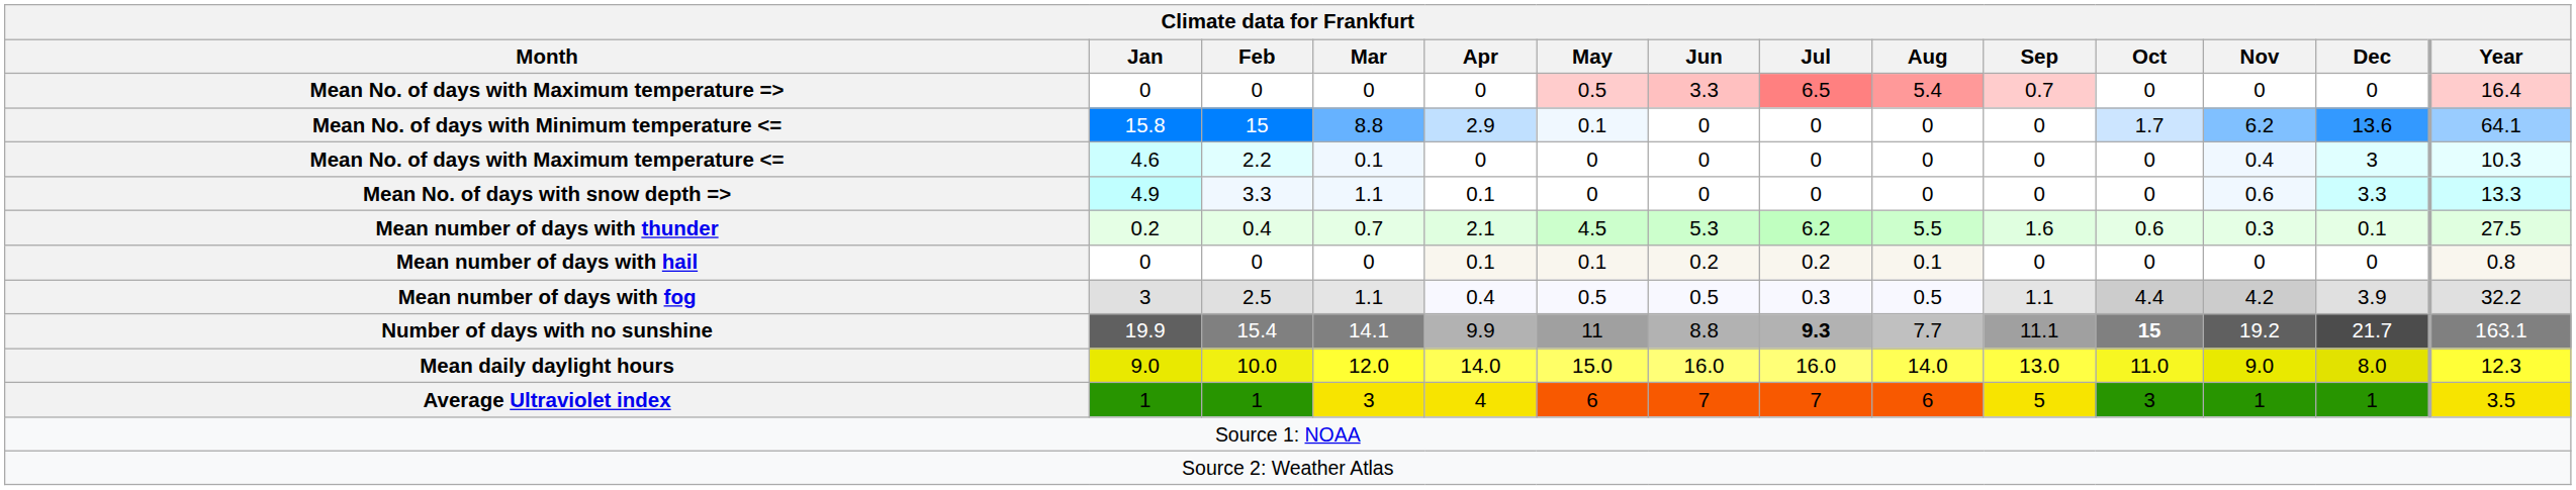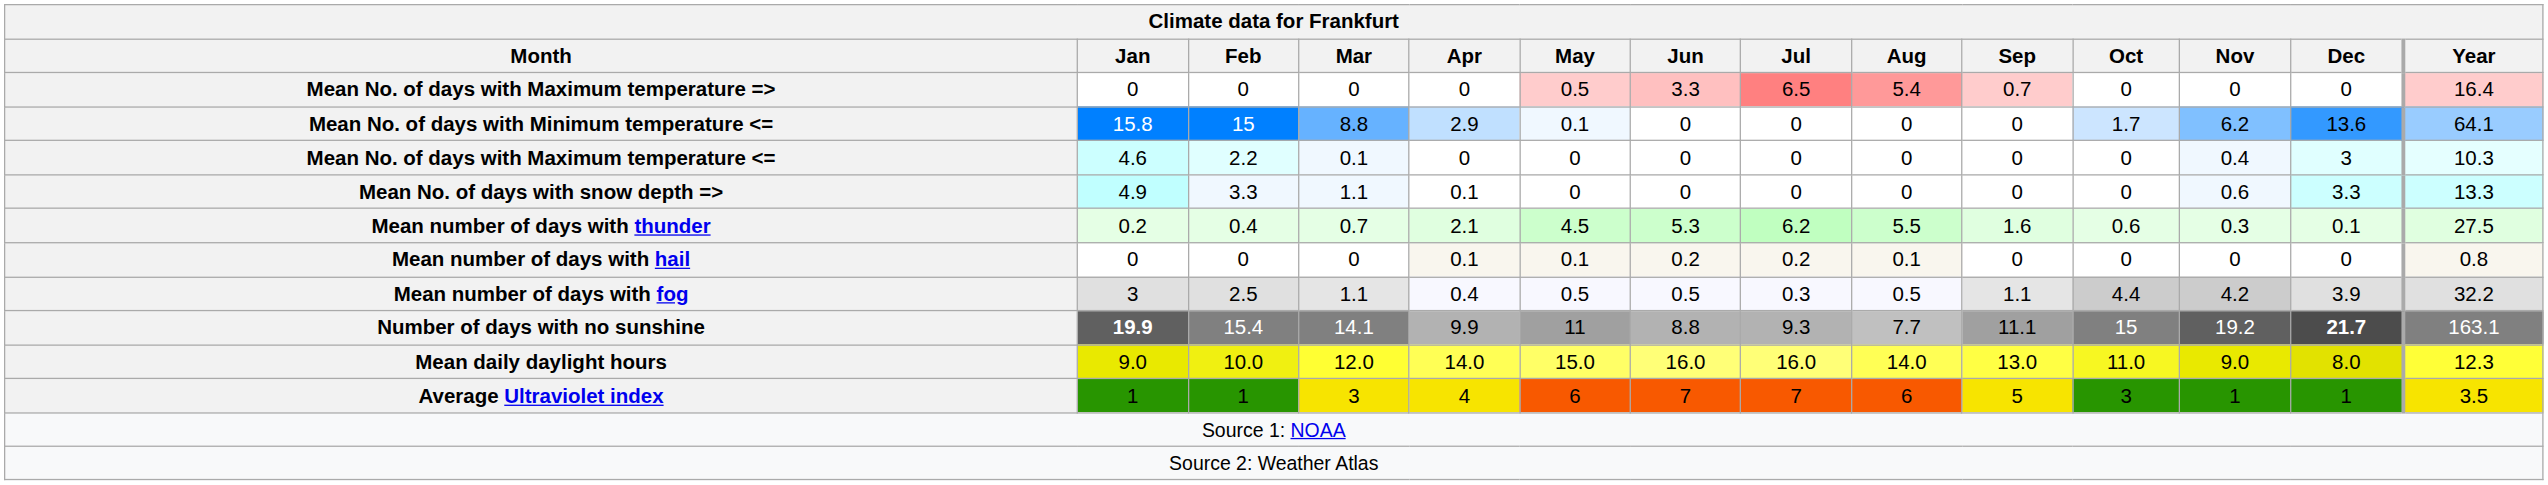 <table style="width:100%;text-align:center;line-height:1.2em;margin-left:auto;margin-right:auto" class="wikitable mw-collapsible">
 <tr>
 <th Colspan=14>Climate data for Frankfurt</th>
 </tr>
 <tr>
 <th>Month</th>
 <th>Jan</th>
 <th>Feb</th>
 <th>Mar</th>
 <th>Apr</th>
 <th>May</th>
 <th>Jun</th>
 <th>Jul</th>
 <th>Aug</th>
 <th>Sep</th>
 <th>Oct</th>
 <th>Nov</th>
 <th>Dec</th>
 <th style="border-left-width:medium">Year</th>
 </tr>
 <tr>
 <th>Mean No. of days with Maximum temperature => </th>
 <td style="background:#ffffff;color:#000000;">0</td>
 <td style="background:#ffffff;color:#000000;">0</td>
 <td style="background:#ffffff;color:#000000;">0</td>
 <td style="background:#ffffff;color:#000000;">0</td>
 <td style="background:#FFCCCC;color:#000000;">0.5</td>
 <td style="background:#FFC0C0;color:#000000;">3.3</td>
 <td style="background:#FF8080;color:#000000;">6.5</td>
 <td style="background:#FF9999;color:#000000;">5.4</td>
 <td style="background:#FFCCCC;color:#000000;">0.7</td>
 <td style="background:#ffffff;color:#000000;">0</td>
 <td style="background:#ffffff;color:#000000;">0</td>
 <td style="background:#ffffff;color:#000000;">0</td>
 <td style="background:#FFCCCC;color:#000000;border-left-width:medium">16.4</td>
 </tr>
 <tr>
 <th>Mean No. of days with Minimum temperature <= </th>
 <td style="background:#0080FF;color:#ffffff;">15.8</td>
 <td style="background:#0080FF;color:#ffffff;">15</td>
 <td style="background:#66B2FF;color:#000000;">8.8</td>
 <td style="background:#C0E0FF;color:#000000;">2.9</td>
 <td style="background:#F0F8FF;color:#000000;">0.1</td>
 <td style="background:#FFFFFF;color:#000000;">0</td>
 <td style="background:#FFFFFF;color:#000000;">0</td>
 <td style="background:#FFFFFF;color:#000000;">0</td>
 <td style="background:#FFFFFF;color:#000000;">0</td>
 <td style="background:#CCE5FF;color:#000000;">1.7</td>
 <td style="background:#80C0FF;color:#000000;">6.2</td>
 <td style="background:#3399FF;color:#000000;">13.6</td>
 <td style="background:#99CCFF;color:#000000;border-left-width:medium">64.1</td>
 </tr>
 <tr>
 <th>Mean No. of days with Maximum temperature <= </th>
 <td style="background:#CCFFFF;color:#000000;">4.6</td>
 <td style="background:#E0FFFF;color:#000000;">2.2</td>
 <td style="background:#F0F8FF;color:#000000;">0.1</td>
 <td style="background:#FFFFFF;color:#000000;">0</td>
 <td style="background:#FFFFFF;color:#000000;">0</td>
 <td style="background:#FFFFFF;color:#000000;">0</td>
 <td style="background:#FFFFFF;color:#000000;">0</td>
 <td style="background:#FFFFFF;color:#000000;">0</td>
 <td style="background:#FFFFFF;color:#000000;">0</td>
 <td style="background:#FFFFFF;color:#000000;">0</td>
 <td style="background:#F0F8FF;color:#000000;">0.4</td>
 <td style="background:#E0FFFF;color:#000000;">3</td>
 <td style="background:#E5FFFF;color:#000000;border-left-width:medium">10.3</td>
 </tr>
 <tr>
 <th>Mean No. of days with snow depth => </th>
 <td style="background:#C0FFFF;color:#000000;">4.9</td>
 <td style="background:#F0F8FF;color:#000000;">3.3</td>
 <td style="background:#F0F8FF;color:#000000;">1.1</td>
 <td style="background:#FFFFFF;color:#000000;">0.1</td>
 <td style="background:#FFFFFF;color:#000000;">0</td>
 <td style="background:#FFFFFF;color:#000000;">0</td>
 <td style="background:#FFFFFF;color:#000000;">0</td>
 <td style="background:#FFFFFF;color:#000000;">0</td>
 <td style="background:#FFFFFF;color:#000000;">0</td>
 <td style="background:#FFFFFF;color:#000000;">0</td>
 <td style="background:#F0F8FF;color:#000000;">0.6</td>
 <td style="background:#CCFFFF;color:#000000;">3.3</td>
 <td style="background:#CCFFFF;color:#000000;border-left-width:medium">13.3</td>
 </tr>
 <tr>
 <th>Mean number of days with <a href='#'>thunder</a></th>
 <td style="background:#E5FFE5;color:#000000;">0.2</td>
 <td style="background:#E5FFE5;color:#000000;">0.4</td>
 <td style="background:#E5FFE5;color:#000000;">0.7</td>
 <td style="background:#E0FFE0;color:#000000;">2.1</td>
 <td style="background:#CCFFCC;color:#000000;">4.5</td>
 <td style="background:#CCFFCC;color:#000000;">5.3</td>
 <td style="background:#C0FFC0;color:#000000;">6.2</td>
 <td style="background:#CCFFCC;color:#000000;">5.5</td>
 <td style="background:#E0FFE0;color:#000000;">1.6</td>
 <td style="background:#E5FFE5;color:#000000;">0.6</td>
 <td style="background:#E5FFE5;color:#000000;">0.3</td>
 <td style="background:#E5FFE5;color:#000000;">0.1</td>
 <td style="background:#E0FFE0;color:#000000;border-left-width:medium">27.5</td>
 </tr>
 <tr>
 <th>Mean number of days with <a href='#'>hail</a></th>
 <td style="background:#FFFFFF;color:#000000;">0</td>
 <td style="background:#FFFFFF;color:#000000;">0</td>
 <td style="background:#FFFFFF;color:#000000;">0</td>
 <td style="background:#F9F6EE;color:#000000;">0.1</td>
 <td style="background:#F9F6EE;color:#000000;">0.1</td>
 <td style="background:#F9F6EE;color:#000000;">0.2</td>
 <td style="background:#F9F6EE;color:#000000;">0.2</td>
 <td style="background:#F9F6EE;color:#000000;">0.1</td>
 <td style="background:#FFFFFF;color:#000000;">0</td>
 <td style="background:#FFFFFF;color:#000000;">0</td>
 <td style="background:#FFFFFF;color:#000000;">0</td>
 <td style="background:#FFFFFF;color:#000000;">0</td>
 <td style="background:#F9F6EE;color:#000000;border-left-width:medium">0.8</td>
 </tr>
 <tr>
 <th>Mean number of days with <a href='#'>fog</a></th>
 <td style="background:#E0E0E0;color:#000000;">3</td>
 <td style="background:#E0E0E0;color:#000000;">2.5</td>
 <td style="background:#E5E5E5;color:#000000;">1.1</td>
 <td style="background:#F8F8FF;color:#000000;">0.4</td>
 <td style="background:#F8F8FF;color:#000000;">0.5</td>
 <td style="background:#F8F8FF;color:#000000;">0.5</td>
 <td style="background:#F8F8FF;color:#000000;">0.3</td>
 <td style="background:#F8F8FF;color:#000000;">0.5</td>
 <td style="background:#E5E5E5;color:#000000;">1.1</td>
 <td style="background:#CCCCCC;color:#000000;">4.4</td>
 <td style="background:#CCCCCC;color:#000000;">4.2</td>
 <td style="background:#E0E0E0;color:#000000;">3.9</td>
 <td style="background:#E0E0E0;color:#000000;border-left-width:medium">32.2</td>
 </tr>
 <tr>
 <th>Number of days with no sunshine</th>
-<td style="background:#606060;color:#FFFFFF;">19.9</td>
+<td style="background:#606060;color:#FFFFFF;"><strong>19.9</strong></td>
 <td style="background:#808080;color:#FFFFFF;">15.4</td>
 <td style="background:#808080;color:#FFFFFF;">14.1</td>
 <td style="background:#B2B2B2;color:#000000;">9.9</td>
 <td style="background:#A0A0A0;color:#000000;">11</td>
 <td style="background:#B2B2B2;color:#000000;">8.8</td>
-<td style="background:#B2B2B2;color:#000000;"><strong>9.3</strong></td>
+<td style="background:#B2B2B2;color:#000000;">9.3</td>
 <td style="background:#C0C0C0;color:#000000;">7.7</td>
 <td style="background:#A0A0A0;color:#000000;">11.1</td>
-<td style="background:#808080;color:#FFFFFF;"><strong>15</strong></td>
+<td style="background:#808080;color:#FFFFFF;">15</td>
 <td style="background:#606060;color:#FFFFFF;">19.2</td>
-<td style="background:#4C4C4C;color:#FFFFFF;">21.7</td>
+<td style="background:#4C4C4C;color:#FFFFFF;"><strong>21.7</strong></td>
 <td style="background:#808080;color:#FFFFFF;border-left-width:medium">163.1</td>
 </tr>
 <tr>
 <th>Mean daily daylight hours</th>
 <td style="background:#E9E900;color:#000000;">9.0</td>
 <td style="background:#F0F011;color:#000000;">10.0</td>
 <td style="background:#FFFF33;color:#000000;">12.0</td>
 <td style="background:#FFFF55;color:#000000;">14.0</td>
 <td style="background:#FFFF66;color:#000000;">15.0</td>
 <td style="background:#FFFF77;color:#000000;">16.0</td>
 <td style="background:#FFFF77;color:#000000;">16.0</td>
 <td style="background:#FFFF55;color:#000000;">14.0</td>
 <td style="background:#FFFF44;color:#000000;">13.0</td>
 <td style="background:#F7F722;color:#000000;">11.0</td>
 <td style="background:#E9E900;color:#000000;">9.0</td>
 <td style="background:#E2E200;color:#000000;">8.0</td>
 <td style="background:#FFFF37;color:#000000;border-left-width:medium">12.3</td>
 </tr>
 <tr>
 <th>Average <a href='#'>Ultraviolet index</a></th>
 <td style="background:#289500;color:#000000;">1</td>
 <td style="background:#289500;color:#000000;">1</td>
 <td style="background:#f7e400;color:#000000;">3</td>
 <td style="background:#f7e400;color:#000000;">4</td>
 <td style="background:#f85900;color:#000000;">6</td>
 <td style="background:#f85900;color:#000000;">7</td>
 <td style="background:#f85900;color:#000000;">7</td>
 <td style="background:#f85900;color:#000000;">6</td>
 <td style="background:#f7e400;color:#000000;">5</td>
 <td style="background:#289500;color:#000000;">3</td>
 <td style="background:#289500;color:#000000;">1</td>
 <td style="background:#289500;color:#000000;">1</td>
 <td style="background:#f7e400;color:#000000;border-left-width:medium">3.5</td>
 </tr>
 <tr>
 <th Colspan=14 style="background:#f8f9fa;font-weight:normal;font-size:95%;">Source 1: <a href='#'>NOAA</a></th>
 </tr>
 <tr>
 <th Colspan=14 style="background:#f8f9fa;font-weight:normal;font-size:95%;">Source 2: Weather Atlas</th>
 </tr>
 </table>
